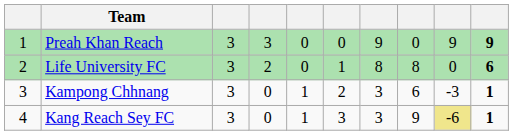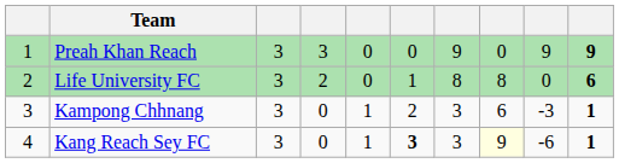 <table class="wikitable" style="text-align: center;">
 <tr>
 <th width=30></th>
 <th width=165>Team</th>
 <th width=30></th>
 <th width=30></th>
 <th width=30></th>
 <th width=30></th>
 <th width=30></th>
 <th width=30></th>
 <th width=30></th>
 <th width=30></th>
 </tr>
 <tr style="background:#ace1af;">
 <td>1</td>
 <td align=left><a href='#'>Preah Khan Reach</a></td>
 <td>3</td>
 <td>3</td>
 <td>0</td>
 <td>0</td>
 <td>9</td>
 <td>0</td>
 <td>9</td>
 <td><strong>9</strong></td>
 </tr>
 <tr style="background:#ace1af;">
 <td>2</td>
 <td align=left><a href='#'>Life University FC</a></td>
 <td>3</td>
 <td>2</td>
 <td>0</td>
 <td>1</td>
 <td>8</td>
 <td>8</td>
 <td>0</td>
 <td><strong>6</strong></td>
 </tr>
 <tr>
 <td>3</td>
 <td align=left><a href='#'>Kampong Chhnang</a></td>
 <td>3</td>
 <td>0</td>
 <td>1</td>
 <td>2</td>
 <td>3</td>
 <td>6</td>
 <td>-3</td>
 <td><strong>1</strong></td>
 </tr>
 <tr>
 <td>4</td>
 <td align=left><a href='#'>Kang Reach Sey FC</a></td>
 <td>3</td>
 <td>0</td>
 <td>1</td>
+<td><strong>3</strong></td>
 <td>3</td>
-<td>3</td>
-<td>9</td>
-<td style="background: khaki;">-6</td>
+<td style="background: lightyellow;">9</td>
+<td>-6</td>
 <td><strong>1</strong></td>
 </tr>
 </table>
